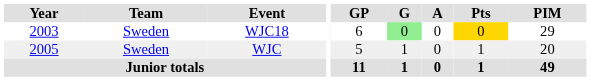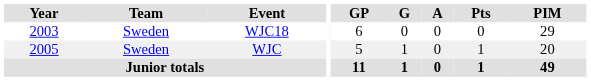 <table border="0" cellpadding="1" cellspacing="0" ID="Table3" style="text-align:center; width:40em">
 <tr ALIGN="center" bgcolor="#e0e0e0">
 <th>Year</th>
 <th>Team</th>
 <th>Event</th>
 <th rowspan="99" bgcolor="#ffffff"></th>
 <th>GP</th>
 <th>G</th>
 <th>A</th>
 <th>Pts</th>
 <th>PIM</th>
 </tr>
 <tr>
 <td><a href='#'>2003</a></td>
 <td><a href='#'>Sweden</a></td>
 <td><a href='#'>WJC18</a></td>
 <td>6</td>
-<td style="background: lightgreen;">0</td>
 <td>0</td>
-<td style="background: gold;">0</td>
+<td>0</td>
+<td>0</td>
 <td>29</td>
 </tr>
 <tr bgcolor="#f0f0f0">
 <td><a href='#'>2005</a></td>
 <td><a href='#'>Sweden</a></td>
 <td><a href='#'>WJC</a></td>
 <td>5</td>
 <td>1</td>
 <td>0</td>
 <td>1</td>
 <td>20</td>
 </tr>
 <tr bgcolor="#e0e0e0">
 <th colspan="3">Junior totals</th>
 <th>11</th>
 <th>1</th>
 <th>0</th>
 <th>1</th>
 <th>49</th>
 </tr>
 </table>
